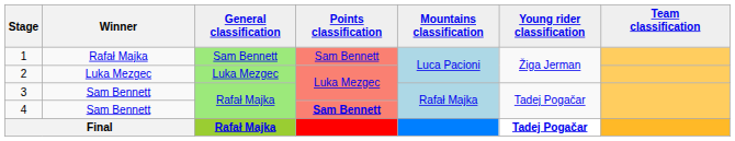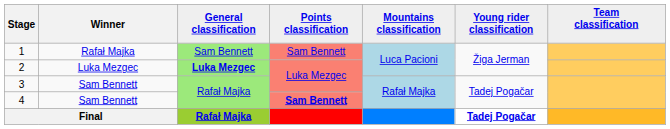 <table class="wikitable" style="text-align: center; font-size:smaller;">
 <tr style="background:#efefef;">
 <th scope="col" style="width:1%;">Stage</th>
 <th scope="col" style="width:16.5%;">Winner</th>
 <th style="background:#efefef; width:11%;"><a href='#'>General<br>classification</a><br></th>
 <th style="background:#efefef; width:11%;"><a href='#'>Points<br>classification</a><br></th>
 <th style="background:#efefef; width:11%;"><a href='#'>Mountains<br>classification</a><br></th>
 <th style="background:#efefef; width:11%;"><a href='#'>Young rider<br>classification</a><br></th>
 <th style="background:#efefef; width:14%;"><a href='#'>Team<br>classification</a><br><br></th>
 </tr>
 <tr>
 <td scope="row">1</td>
 <td><a href='#'>Rafał Majka</a></td>
 <td style="background:#9CE97B;"><a href='#'>Sam Bennett</a></td>
 <td style="background:salmon;"><a href='#'>Sam Bennett</a></td>
 <td style="background:lightblue;" rowspan=2><a href='#'>Luca Pacioni</a></td>
 <td style="background:offwhite;" rowspan=2><a href='#'>Žiga Jerman</a></td>
 <td style="background:#FFCD5F;"></td>
 </tr>
 <tr>
 <td scope="row">2</td>
 <td><a href='#'>Luka Mezgec</a></td>
-<td style="background:#9CE97B;"><a href='#'>Luka Mezgec</a></td>
+<td style="background:#9CE97B;"><strong><a href='#'>Luka Mezgec</a></strong></td>
 <td style="background:salmon;" rowspan=2><a href='#'>Luka Mezgec</a></td>
 <td style="background:#FFCD5F;"></td>
 </tr>
 <tr>
 <td scope="row">3</td>
 <td><a href='#'>Sam Bennett</a></td>
 <td style="background:#9CE97B;" rowspan=2><a href='#'>Rafał Majka</a></td>
 <td style="background:lightblue;" rowspan=2><a href='#'>Rafał Majka</a></td>
 <td style="background:offwhite;" rowspan=2><a href='#'>Tadej Pogačar</a></td>
 <td style="background:#FFCD5F;" rowspan=2></td>
 </tr>
 <tr>
 <td scope="row">4</td>
 <td><a href='#'>Sam Bennett</a></td>
 <td style="background:salmon;"><strong><a href='#'>Sam Bennett</a></strong></td>
 </tr>
 <tr>
 <th colspan="2">Final</th>
 <th style="background:#9ACD32;"><a href='#'>Rafał Majka</a></th>
 <th style="background:red;"></th>
 <th style="background:#007FFF;"></th>
 <th style="background:white;"><a href='#'>Tadej Pogačar</a></th>
 <th style="background:#FFB927;"></th>
 </tr>
 </table>
